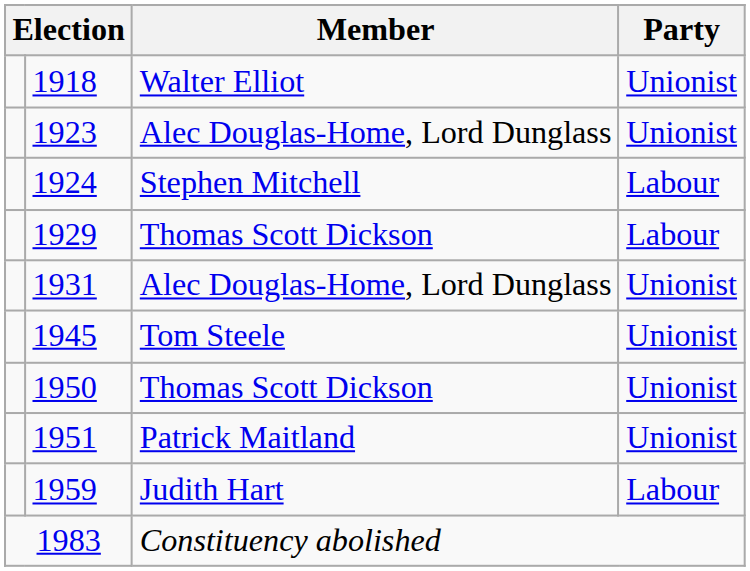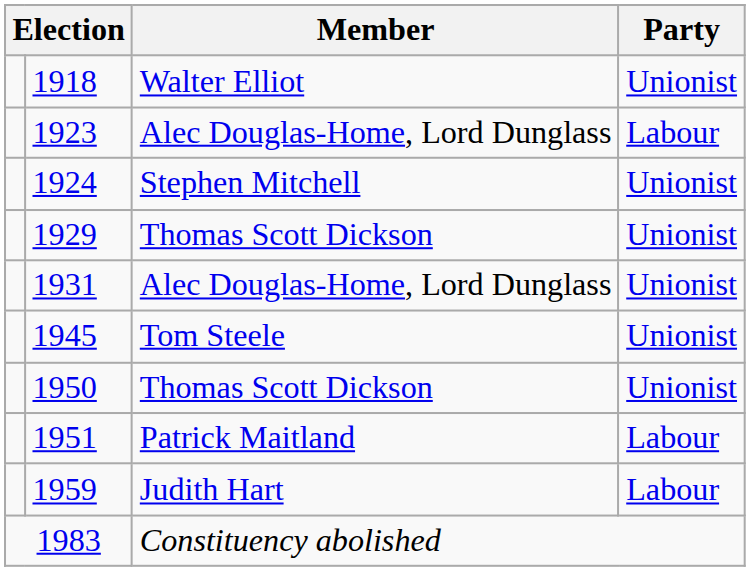 <table class="wikitable">
 <tr>
 <th colspan="2">Election</th>
 <th>Member</th>
 <th>Party</th>
 </tr>
 <tr>
 <td style="color:inherit;background-color: "></td>
 <td><a href='#'>1918</a></td>
 <td><a href='#'>Walter Elliot</a></td>
 <td><a href='#'>Unionist</a></td>
 </tr>
 <tr>
 <td style="color:inherit;background-color: "></td>
 <td><a href='#'>1923</a></td>
 <td><a href='#'>Alec Douglas-Home</a>, Lord Dunglass</td>
-<td><a href='#'>Unionist</a></td>
+<td><a href='#'>Labour</a></td>
 </tr>
 <tr>
 <td style="color:inherit;background-color: "></td>
 <td><a href='#'>1924</a></td>
 <td><a href='#'>Stephen Mitchell</a></td>
-<td><a href='#'>Labour</a></td>
+<td><a href='#'>Unionist</a></td>
 </tr>
 <tr>
 <td style="color:inherit;background-color: "></td>
 <td><a href='#'>1929</a></td>
 <td><a href='#'>Thomas Scott Dickson</a></td>
-<td><a href='#'>Labour</a></td>
+<td><a href='#'>Unionist</a></td>
 </tr>
 <tr>
 <td style="color:inherit;background-color: "></td>
 <td><a href='#'>1931</a></td>
 <td><a href='#'>Alec Douglas-Home</a>, Lord Dunglass</td>
 <td><a href='#'>Unionist</a></td>
 </tr>
 <tr>
 <td style="color:inherit;background-color: "></td>
 <td><a href='#'>1945</a></td>
 <td><a href='#'>Tom Steele</a></td>
 <td><a href='#'>Unionist</a></td>
 </tr>
 <tr>
 <td style="color:inherit;background-color: "></td>
 <td><a href='#'>1950</a></td>
 <td><a href='#'>Thomas Scott Dickson</a></td>
 <td><a href='#'>Unionist</a></td>
 </tr>
 <tr>
 <td style="color:inherit;background-color: "></td>
 <td><a href='#'>1951</a></td>
 <td><a href='#'>Patrick Maitland</a></td>
-<td><a href='#'>Unionist</a></td>
+<td><a href='#'>Labour</a></td>
 </tr>
 <tr>
 <td style="color:inherit;background-color: "></td>
 <td><a href='#'>1959</a></td>
 <td><a href='#'>Judith Hart</a></td>
 <td><a href='#'>Labour</a></td>
 </tr>
 <tr>
 <td colspan="2" align="center"><a href='#'>1983</a></td>
 <td colspan="2"><em>Constituency abolished</em></td>
 </tr>
 </table>
